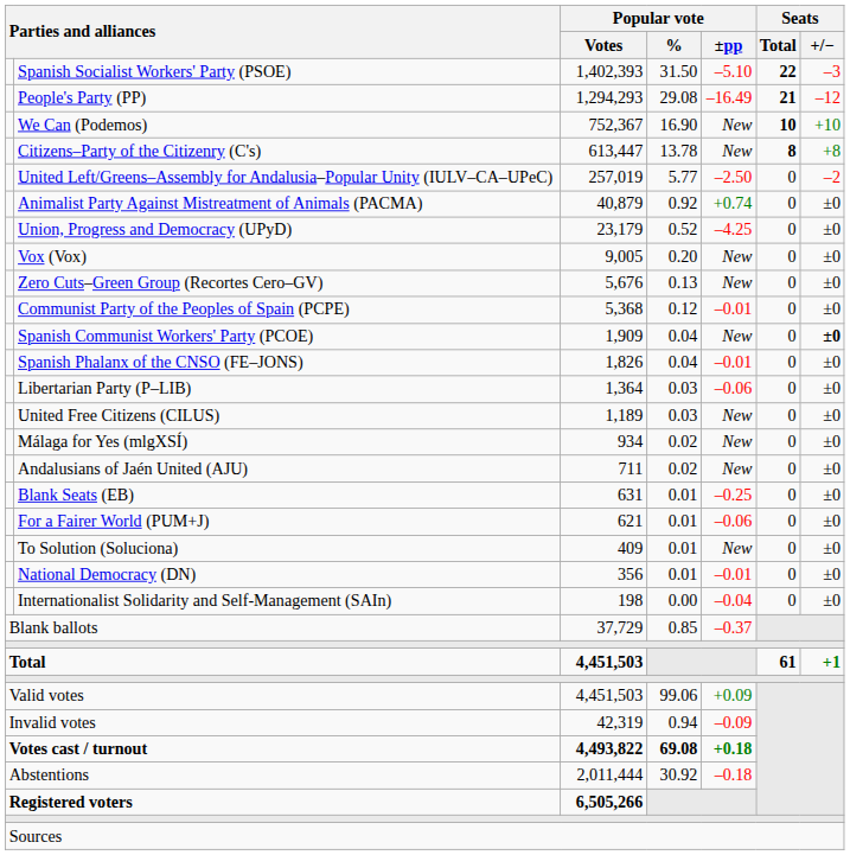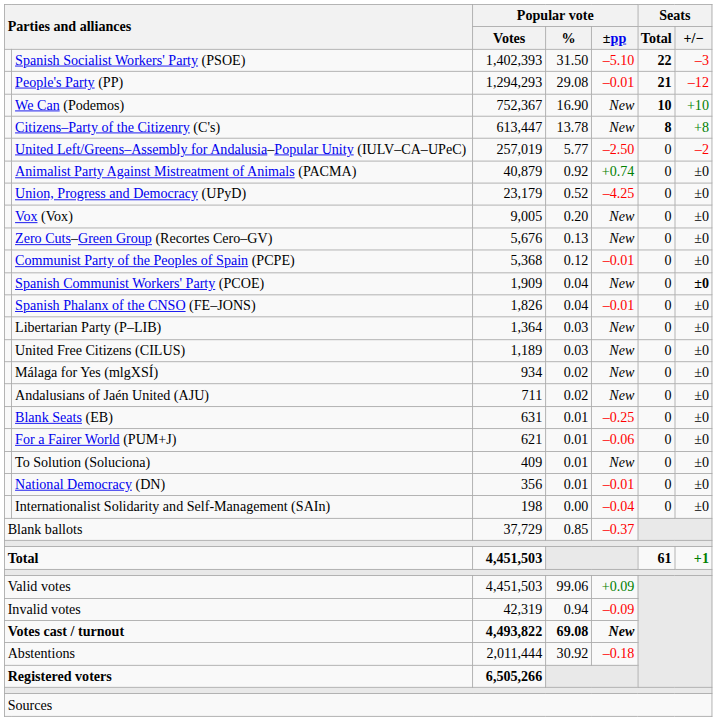 <table class="wikitable" style="text-align:right;">
 <tr>
 <th style="text-align:left;" rowspan="2" colspan="2" width="525">Parties and alliances</th>
 <th colspan="3">Popular vote</th>
 <th colspan="2">Seats</th>
 </tr>
 <tr>
 <th width="75">Votes</th>
 <th width="45">%</th>
 <th width="45">±<a href='#'>pp</a></th>
 <th width="35">Total</th>
 <th width="35">+/−</th>
 </tr>
 <tr>
 <td width="1" style="color:inherit;background:"></td>
 <td align="left"><a href='#'>Spanish Socialist Workers' Party</a> (PSOE)</td>
 <td>1,402,393</td>
 <td>31.50</td>
 <td style="color:red;">–5.10</td>
 <td><strong>22</strong></td>
 <td style="color:red;">–3</td>
 </tr>
 <tr>
 <td style="color:inherit;background:"></td>
 <td align="left"><a href='#'>People's Party</a> (PP)</td>
 <td>1,294,293</td>
 <td>29.08</td>
-<td style="color:red;">–16.49</td>
+<td style="color:red;">–0.01</td>
 <td><strong>21</strong></td>
 <td style="color:red;">–12</td>
 </tr>
 <tr>
 <td style="color:inherit;background:"></td>
 <td align="left"><a href='#'>We Can</a> (Podemos)</td>
 <td>752,367</td>
 <td>16.90</td>
 <td><em>New</em></td>
 <td><strong>10</strong></td>
 <td style="color:green;">+10</td>
 </tr>
 <tr>
 <td style="color:inherit;background:"></td>
 <td align="left"><a href='#'>Citizens–Party of the Citizenry</a> (C's)</td>
 <td>613,447</td>
 <td>13.78</td>
 <td><em>New</em></td>
 <td><strong>8</strong></td>
 <td style="color:green;">+8</td>
 </tr>
 <tr>
 <td style="color:inherit;background:"></td>
 <td align="left"><a href='#'>United Left/Greens–Assembly for Andalusia</a>–<a href='#'>Popular Unity</a> (IULV–CA–UPeC)</td>
 <td>257,019</td>
 <td>5.77</td>
 <td style="color:red;">–2.50</td>
 <td>0</td>
 <td style="color:red;">–2</td>
 </tr>
 <tr>
 <td style="color:inherit;background:"></td>
 <td align="left"><a href='#'>Animalist Party Against Mistreatment of Animals</a> (PACMA)</td>
 <td>40,879</td>
 <td>0.92</td>
 <td style="color:green;">+0.74</td>
 <td>0</td>
 <td>±0</td>
 </tr>
 <tr>
 <td style="color:inherit;background:"></td>
 <td align="left"><a href='#'>Union, Progress and Democracy</a> (UPyD)</td>
 <td>23,179</td>
 <td>0.52</td>
 <td style="color:red;">–4.25</td>
 <td>0</td>
 <td>±0</td>
 </tr>
 <tr>
 <td style="color:inherit;background:"></td>
 <td align="left"><a href='#'>Vox</a> (Vox)</td>
 <td>9,005</td>
 <td>0.20</td>
 <td><em>New</em></td>
 <td>0</td>
 <td>±0</td>
 </tr>
 <tr>
 <td style="color:inherit;background:"></td>
 <td align="left"><a href='#'>Zero Cuts</a>–<a href='#'>Green Group</a> (Recortes Cero–GV)</td>
 <td>5,676</td>
 <td>0.13</td>
 <td><em>New</em></td>
 <td>0</td>
 <td>±0</td>
 </tr>
 <tr>
 <td style="color:inherit;background:"></td>
 <td align="left"><a href='#'>Communist Party of the Peoples of Spain</a> (PCPE)</td>
 <td>5,368</td>
 <td>0.12</td>
 <td style="color:red;">–0.01</td>
 <td>0</td>
 <td>±0</td>
 </tr>
 <tr>
 <td style="color:inherit;background:"></td>
 <td align="left"><a href='#'>Spanish Communist Workers' Party</a> (PCOE)</td>
 <td>1,909</td>
 <td>0.04</td>
 <td><em>New</em></td>
 <td>0</td>
 <td><strong>±0</strong></td>
 </tr>
 <tr>
 <td style="color:inherit;background:"></td>
 <td align="left"><a href='#'>Spanish Phalanx of the CNSO</a> (FE–JONS)</td>
 <td>1,826</td>
 <td>0.04</td>
 <td style="color:red;">–0.01</td>
 <td>0</td>
 <td>±0</td>
 </tr>
 <tr>
 <td style="color:inherit;background:"></td>
 <td align="left">Libertarian Party (P–LIB)</td>
 <td>1,364</td>
 <td>0.03</td>
-<td style="color:red;">–0.06</td>
+<td><em>New</em></td>
 <td>0</td>
 <td>±0</td>
 </tr>
 <tr>
 <td style="color:inherit;background:"></td>
 <td align="left">United Free Citizens (CILUS)</td>
 <td>1,189</td>
 <td>0.03</td>
 <td><em>New</em></td>
 <td>0</td>
 <td>±0</td>
 </tr>
 <tr>
 <td style="color:inherit;background:"></td>
 <td align="left">Málaga for Yes (mlgXSÍ)</td>
 <td>934</td>
 <td>0.02</td>
 <td><em>New</em></td>
 <td>0</td>
 <td>±0</td>
 </tr>
 <tr>
 <td style="color:inherit;background:"></td>
 <td align="left">Andalusians of Jaén United (AJU)</td>
 <td>711</td>
 <td>0.02</td>
 <td><em>New</em></td>
 <td>0</td>
 <td>±0</td>
 </tr>
 <tr>
 <td style="color:inherit;background:"></td>
 <td align="left"><a href='#'>Blank Seats</a> (EB)</td>
 <td>631</td>
 <td>0.01</td>
 <td style="color:red;">–0.25</td>
 <td>0</td>
 <td>±0</td>
 </tr>
 <tr>
 <td style="color:inherit;background:"></td>
 <td align="left"><a href='#'>For a Fairer World</a> (PUM+J)</td>
 <td>621</td>
 <td>0.01</td>
 <td style="color:red;">–0.06</td>
 <td>0</td>
 <td>±0</td>
 </tr>
 <tr>
 <td style="color:inherit;background:"></td>
 <td align="left">To Solution (Soluciona)</td>
 <td>409</td>
 <td>0.01</td>
 <td><em>New</em></td>
 <td>0</td>
 <td>±0</td>
 </tr>
 <tr>
 <td style="color:inherit;background:"></td>
 <td align="left"><a href='#'>National Democracy</a> (DN)</td>
 <td>356</td>
 <td>0.01</td>
 <td style="color:red;">–0.01</td>
 <td>0</td>
 <td>±0</td>
 </tr>
 <tr>
 <td style="color:inherit;background:"></td>
 <td align="left">Internationalist Solidarity and Self-Management (SAIn)</td>
 <td>198</td>
 <td>0.00</td>
 <td style="color:red;">–0.04</td>
 <td>0</td>
 <td>±0</td>
 </tr>
 <tr>
 <td align="left" colspan="2">Blank ballots</td>
 <td>37,729</td>
 <td>0.85</td>
 <td style="color:red;">–0.37</td>
 <td bgcolor="#E9E9E9" colspan="2"></td>
 </tr>
 <tr>
 <td colspan="7" bgcolor="#E9E9E9"></td>
 </tr>
 <tr style="font-weight:bold;">
 <td align="left" colspan="2">Total</td>
 <td>4,451,503</td>
 <td bgcolor="#E9E9E9" colspan="2"></td>
 <td>61</td>
 <td style="color:green;">+1</td>
 </tr>
 <tr>
 <td colspan="7" bgcolor="#E9E9E9"></td>
 </tr>
 <tr>
 <td align="left" colspan="2">Valid votes</td>
 <td>4,451,503</td>
 <td>99.06</td>
 <td style="color:green;">+0.09</td>
 <td bgcolor="#E9E9E9" colspan="2" rowspan="5"></td>
 </tr>
 <tr>
 <td align="left" colspan="2">Invalid votes</td>
 <td>42,319</td>
 <td>0.94</td>
 <td style="color:red;">–0.09</td>
 </tr>
 <tr style="font-weight:bold;">
 <td align="left" colspan="2">Votes cast / turnout</td>
 <td>4,493,822</td>
 <td>69.08</td>
-<td style="color:green;">+0.18</td>
+<td><em>New</em></td>
 </tr>
 <tr>
 <td align="left" colspan="2">Abstentions</td>
 <td>2,011,444</td>
 <td>30.92</td>
 <td style="color:red;">–0.18</td>
 </tr>
 <tr style="font-weight:bold;">
 <td align="left" colspan="2">Registered voters</td>
 <td>6,505,266</td>
 <td bgcolor="#E9E9E9" colspan="2"></td>
 </tr>
 <tr>
 <td colspan="7" bgcolor="#E9E9E9"></td>
 </tr>
 <tr>
 <td align="left" colspan="7">Sources</td>
 </tr>
 </table>
